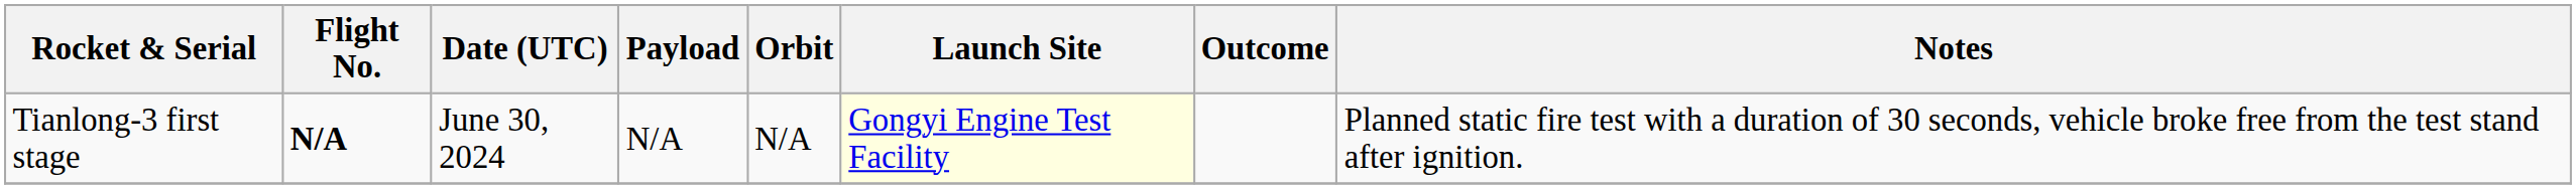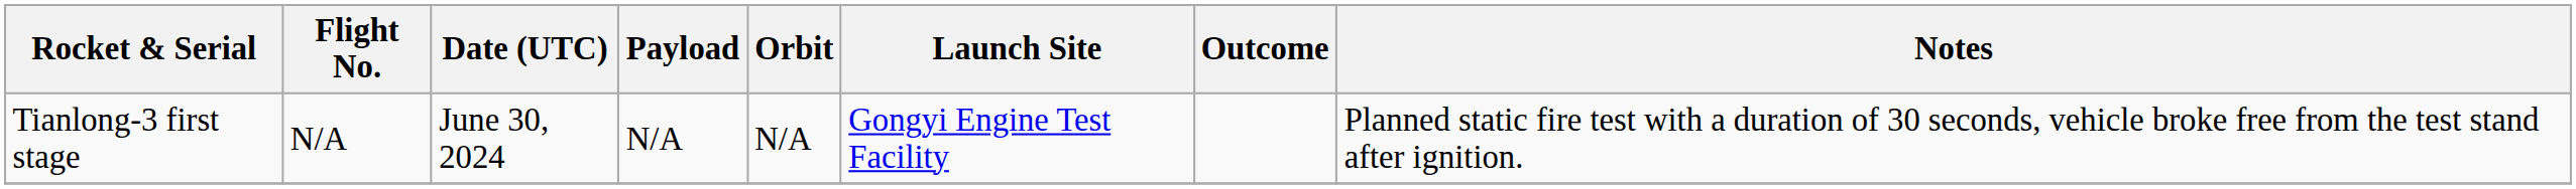 <table class="wikitable">
 <tr>
 <th>Rocket & Serial</th>
 <th>Flight No.</th>
 <th>Date (UTC)</th>
 <th>Payload</th>
 <th>Orbit</th>
 <th>Launch Site</th>
 <th>Outcome</th>
 <th>Notes</th>
 </tr>
 <tr>
 <td>Tianlong-3 first stage</td>
-<td><strong>N/A</strong></td>
+<td>N/A</td>
 <td>June 30, 2024</td>
 <td>N/A</td>
 <td>N/A</td>
-<td style="background: lightyellow;"><a href='#'>Gongyi Engine Test Facility</a></td>
+<td><a href='#'>Gongyi Engine Test Facility</a></td>
 <td></td>
 <td>Planned static fire test with a duration of 30 seconds, vehicle broke free from the test stand after ignition.</td>
 </tr>
 <tr>
 </tr>
 </table>
